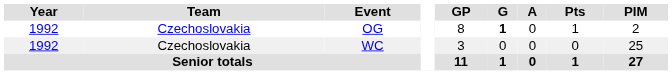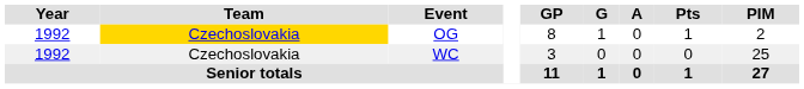 <table border="0" cellpadding="1" cellspacing="0" style="text-align:center; width:50em">
 <tr ALIGN="center" bgcolor="#e0e0e0">
 <th>Year</th>
 <th>Team</th>
 <th>Event</th>
 <th rowspan="99" bgcolor="#ffffff"> </th>
 <th>GP</th>
 <th>G</th>
 <th>A</th>
 <th>Pts</th>
 <th>PIM</th>
 </tr>
 <tr>
 <td><a href='#'>1992</a></td>
-<td><a href='#'>Czechoslovakia</a></td>
+<td style="background: gold;"><a href='#'>Czechoslovakia</a></td>
 <td><a href='#'>OG</a></td>
 <td>8</td>
-<td><strong>1</strong></td>
+<td>1</td>
 <td>0</td>
 <td>1</td>
 <td>2</td>
 </tr>
 <tr bgcolor="#f0f0f0">
 <td><a href='#'>1992</a></td>
 <td>Czechoslovakia</td>
 <td><a href='#'>WC</a></td>
 <td>3</td>
 <td>0</td>
 <td>0</td>
 <td>0</td>
 <td>25</td>
 </tr>
 <tr bgcolor="#e0e0e0">
 <th colspan=3>Senior totals</th>
 <th>11</th>
 <th>1</th>
 <th>0</th>
 <th>1</th>
 <th>27</th>
 </tr>
 </table>
